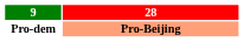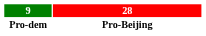 <table style="width:50%; text-align:center;">
 <tr style="color:white;">
 <td style="background:green; width:24.32%;"><strong>9</strong></td>
 <td style="background:red; width:75.68%;"><strong>28</strong></td>
 </tr>
 <tr>
 <td><span><strong>Pro-dem</strong></span></td>
-<td style="background: lightsalmon;"><span><strong>Pro-Beijing</strong></span></td>
+<td><span><strong>Pro-Beijing</strong></span></td>
 </tr>
 </table>
